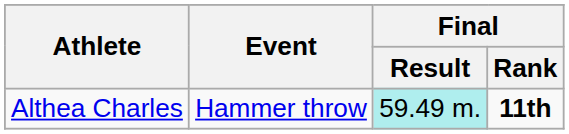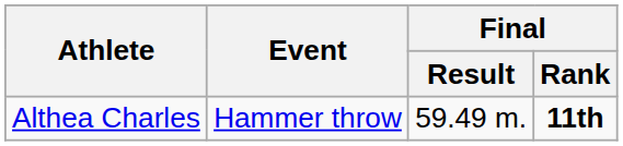 <table class=wikitable style="font-size:90%">
 <tr>
 <th rowspan="2">Athlete</th>
 <th rowspan="2">Event</th>
 <th colspan="2">Final</th>
 </tr>
 <tr>
 <th>Result</th>
 <th>Rank</th>
 </tr>
 <tr>
 <td><a href='#'>Althea Charles</a></td>
 <td><a href='#'>Hammer throw</a></td>
-<td align=center style="background: paleturquoise;">59.49 m.</td>
+<td align=center>59.49 m.</td>
 <td align=center><strong>11th</strong></td>
 </tr>
 </table>
